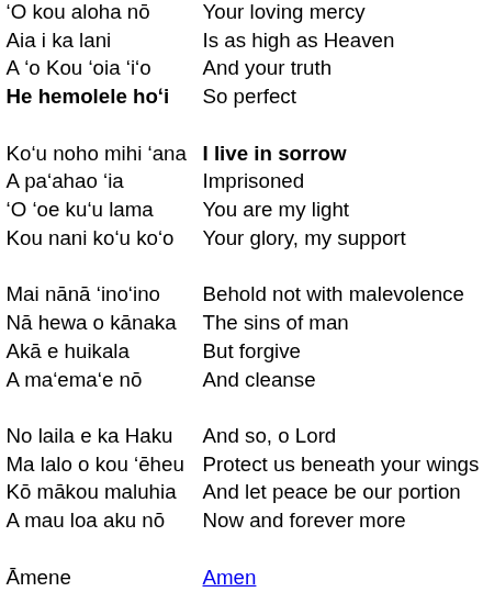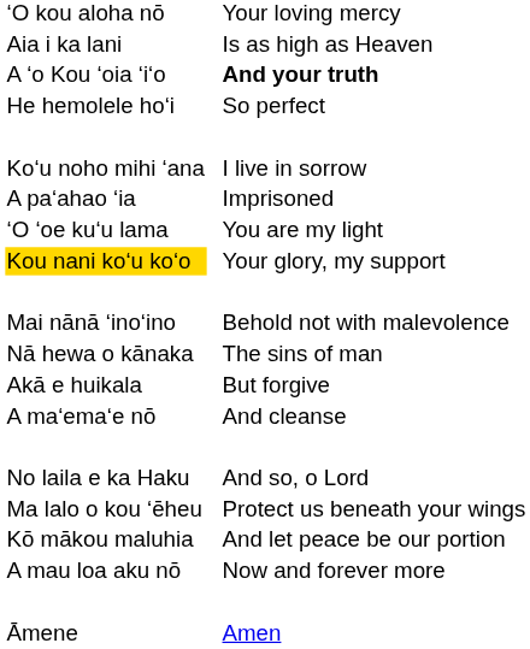 <table>
 <tr>
 <td>ʻO kou aloha nō</td>
 <td rowspan=99> </td>
 <td>Your loving mercy</td>
 </tr>
 <tr>
 <td>Aia i ka lani</td>
 <td>Is as high as Heaven</td>
 </tr>
 <tr>
 <td>A ʻo Kou ʻoia ʻiʻo</td>
-<td>And your truth</td>
+<td><strong>And your truth</strong></td>
 </tr>
 <tr>
-<td><strong>He hemolele hoʻi</strong></td>
+<td>He hemolele hoʻi</td>
 <td>So perfect</td>
 </tr>
 <tr>
 <td> </td>
 <td> </td>
 </tr>
 <tr>
 <td>Koʻu noho mihi ʻana</td>
-<td><strong>I live in sorrow</strong></td>
+<td>I live in sorrow</td>
 </tr>
 <tr>
 <td>A paʻahao ʻia</td>
 <td>Imprisoned</td>
 </tr>
 <tr>
 <td>ʻO ʻoe kuʻu lama</td>
 <td>You are my light</td>
 </tr>
 <tr>
-<td>Kou nani koʻu koʻo</td>
+<td style="background: gold;">Kou nani koʻu koʻo</td>
 <td>Your glory, my support</td>
 </tr>
 <tr>
 <td> </td>
 <td> </td>
 </tr>
 <tr>
 <td>Mai nānā ʻinoʻino</td>
 <td>Behold not with malevolence</td>
 </tr>
 <tr>
 <td>Nā hewa o kānaka</td>
 <td>The sins of man</td>
 </tr>
 <tr>
 <td>Akā e huikala</td>
 <td>But forgive</td>
 </tr>
 <tr>
 <td>A maʻemaʻe nō</td>
 <td>And cleanse</td>
 </tr>
 <tr>
 <td> </td>
 <td> </td>
 </tr>
 <tr>
 <td>No laila e ka Haku</td>
 <td>And so, o Lord</td>
 </tr>
 <tr>
 <td>Ma lalo o kou ʻēheu</td>
 <td>Protect us beneath your wings</td>
 </tr>
 <tr>
 <td>Kō mākou maluhia</td>
 <td>And let peace be our portion</td>
 </tr>
 <tr>
 <td>A mau loa aku nō</td>
 <td>Now and forever more</td>
 </tr>
 <tr>
 <td> </td>
 <td> </td>
 </tr>
 <tr>
 <td>Āmene</td>
 <td><a href='#'>Amen</a></td>
 </tr>
 </table>
